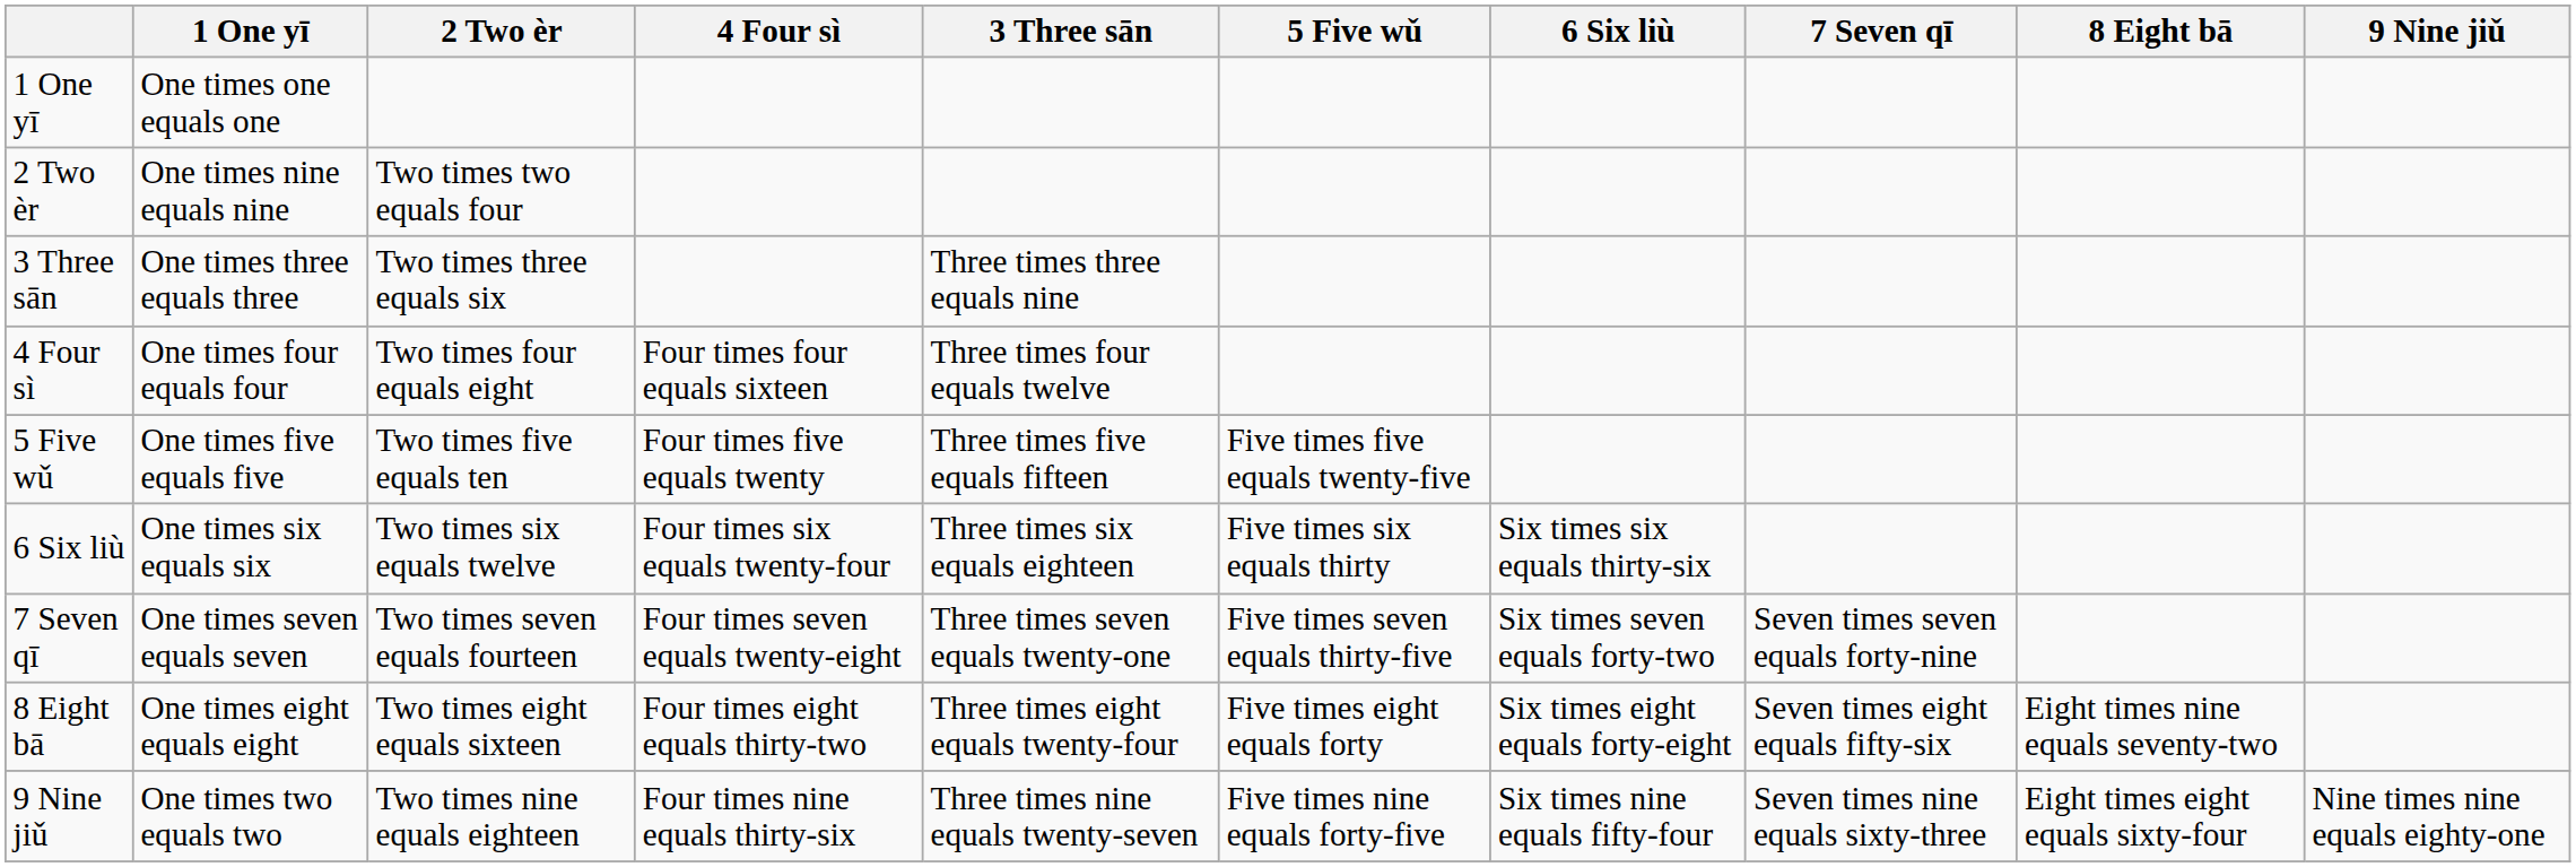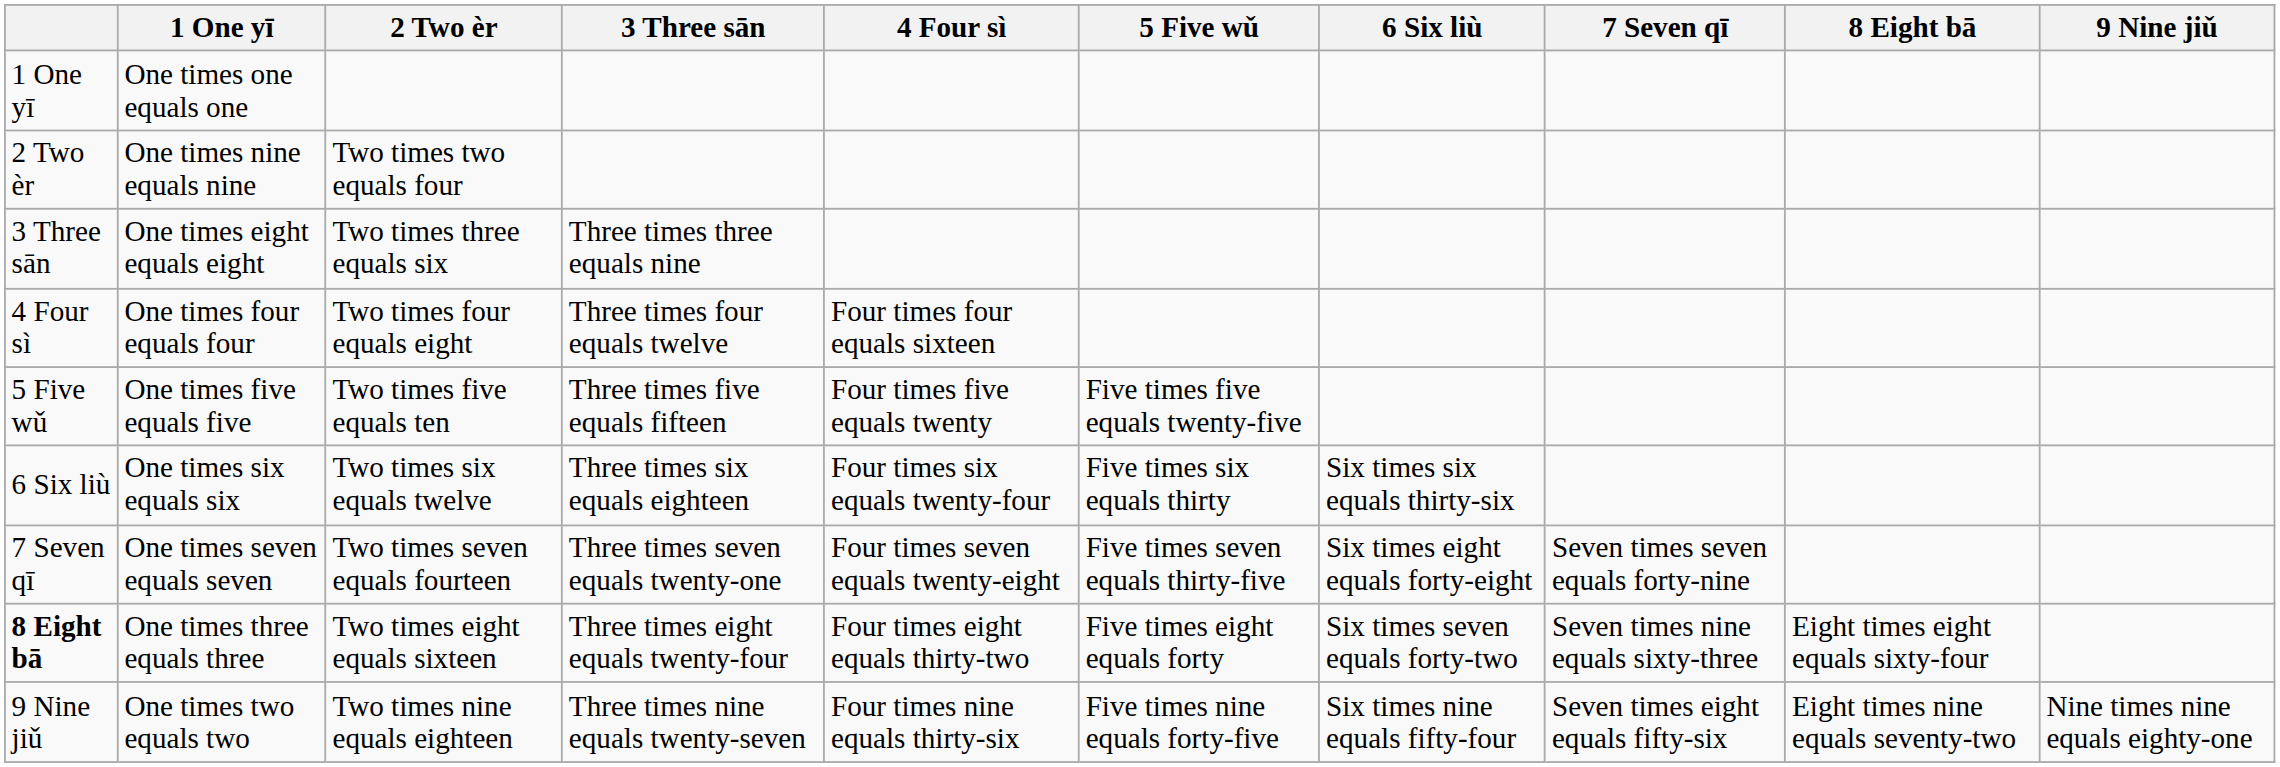 <table class="wikitable">
 <tr>
 <th></th>
 <th>1 One yī</th>
 <th>2 Two èr</th>
+<th>3 Three sān</th>
 <th>4 Four sì</th>
-<th>3 Three sān</th>
 <th>5 Five wǔ</th>
 <th>6 Six liù</th>
 <th>7 Seven qī</th>
 <th>8 Eight bā</th>
 <th>9 Nine jiǔ</th>
 </tr>
 <tr>
 <td>1 One yī</td>
 <td>One times one equals one</td>
 <td></td>
 <td></td>
 <td></td>
 <td></td>
 <td></td>
 <td></td>
 <td></td>
 <td></td>
 </tr>
 <tr>
 <td>2 Two èr</td>
 <td>One times nine equals nine</td>
 <td>Two times two equals four</td>
 <td></td>
 <td></td>
 <td></td>
 <td></td>
 <td></td>
 <td></td>
 <td></td>
 </tr>
 <tr>
 <td>3 Three sān</td>
-<td>One times three equals three</td>
+<td>One times eight equals eight</td>
 <td>Two times three equals six</td>
+<td>Three times three equals nine</td>
 <td></td>
-<td>Three times three equals nine</td>
 <td></td>
 <td></td>
 <td></td>
 <td></td>
 <td></td>
 </tr>
 <tr>
 <td>4 Four sì</td>
 <td>One times four equals four</td>
 <td>Two times four equals eight</td>
+<td>Three times four equals twelve</td>
 <td>Four times four equals sixteen</td>
-<td>Three times four equals twelve</td>
 <td></td>
 <td></td>
 <td></td>
 <td></td>
 <td></td>
 </tr>
 <tr>
 <td>5 Five wǔ</td>
 <td>One times five equals five</td>
 <td>Two times five equals ten</td>
+<td>Three times five equals fifteen</td>
 <td>Four times five equals twenty</td>
-<td>Three times five equals fifteen</td>
 <td>Five times five equals twenty-five</td>
 <td></td>
 <td></td>
 <td></td>
 <td></td>
 </tr>
 <tr>
 <td>6 Six liù</td>
 <td>One times six equals six</td>
 <td>Two times six equals twelve</td>
+<td>Three times six equals eighteen</td>
 <td>Four times six equals twenty-four</td>
-<td>Three times six equals eighteen</td>
 <td>Five times six equals thirty</td>
 <td>Six times six equals thirty-six</td>
 <td></td>
 <td></td>
 <td></td>
 </tr>
 <tr>
 <td>7 Seven qī</td>
 <td>One times seven equals seven</td>
 <td>Two times seven equals fourteen</td>
+<td>Three times seven equals twenty-one</td>
 <td>Four times seven equals twenty-eight</td>
-<td>Three times seven equals twenty-one</td>
 <td>Five times seven equals thirty-five</td>
-<td>Six times seven equals forty-two</td>
+<td>Six times eight equals forty-eight</td>
 <td>Seven times seven equals forty-nine</td>
 <td></td>
 <td></td>
 </tr>
 <tr>
-<td>8 Eight bā</td>
-<td>One times eight equals eight</td>
+<td><strong>8 Eight bā</strong></td>
+<td>One times three equals three</td>
 <td>Two times eight equals sixteen</td>
+<td>Three times eight equals twenty-four</td>
 <td>Four times eight equals thirty-two</td>
-<td>Three times eight equals twenty-four</td>
 <td>Five times eight equals forty</td>
-<td>Six times eight equals forty-eight</td>
-<td>Seven times eight equals fifty-six</td>
-<td>Eight times nine equals seventy-two</td>
+<td>Six times seven equals forty-two</td>
+<td>Seven times nine equals sixty-three</td>
+<td>Eight times eight equals sixty-four</td>
 <td></td>
 </tr>
 <tr>
 <td>9 Nine jiǔ</td>
 <td>One times two equals two</td>
 <td>Two times nine equals eighteen</td>
+<td>Three times nine equals twenty-seven</td>
 <td>Four times nine equals thirty-six</td>
-<td>Three times nine equals twenty-seven</td>
 <td>Five times nine equals forty-five</td>
 <td>Six times nine equals fifty-four</td>
-<td>Seven times nine equals sixty-three</td>
-<td>Eight times eight equals sixty-four</td>
+<td>Seven times eight equals fifty-six</td>
+<td>Eight times nine equals seventy-two</td>
 <td>Nine times nine equals eighty-one</td>
 </tr>
 </table>
